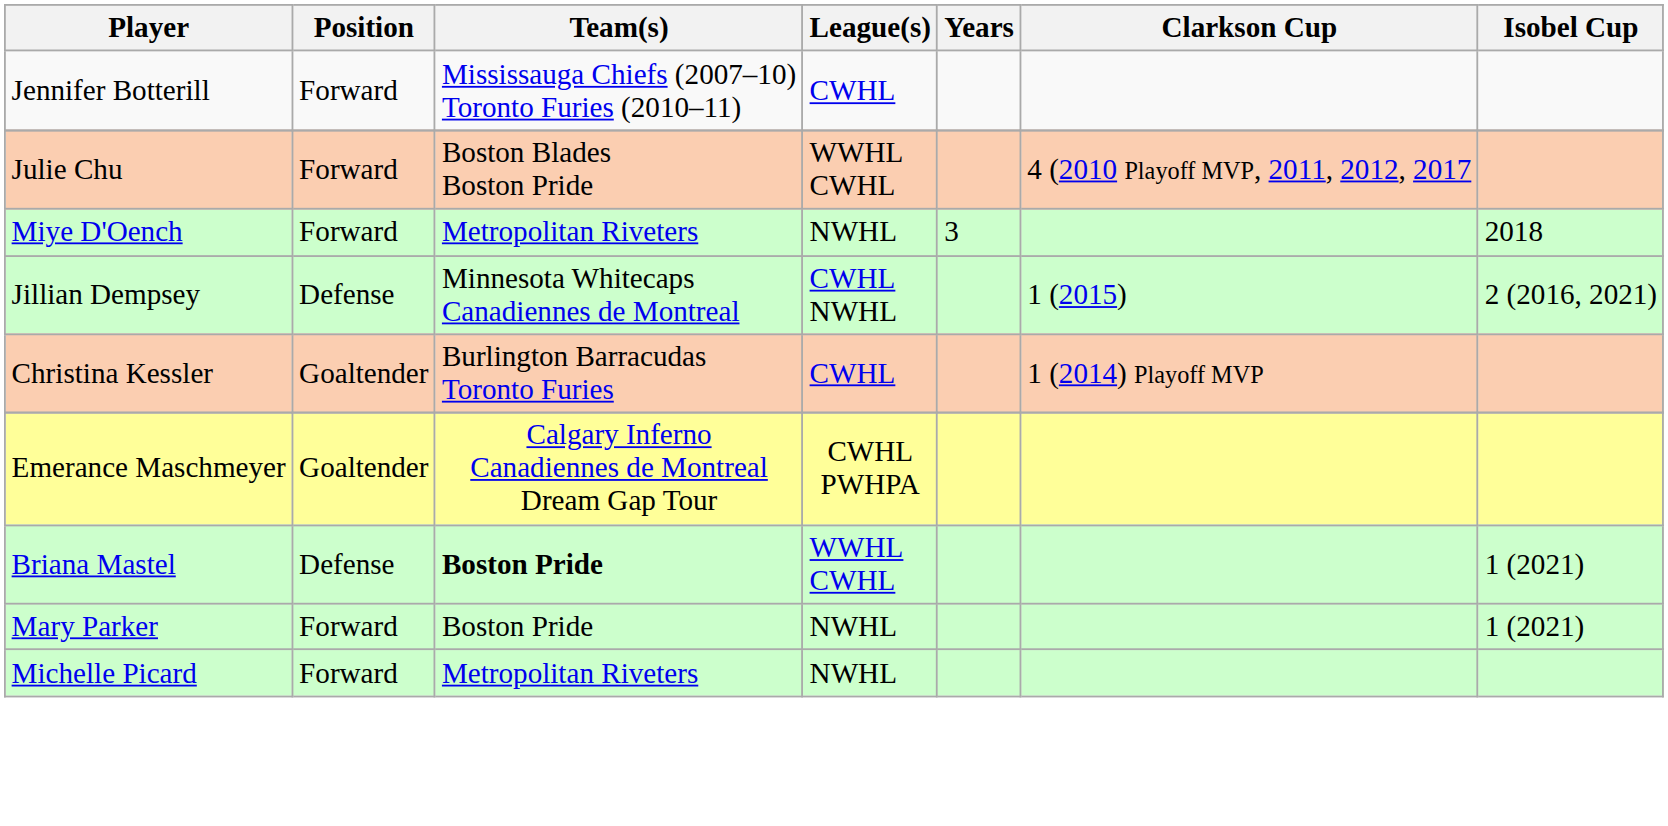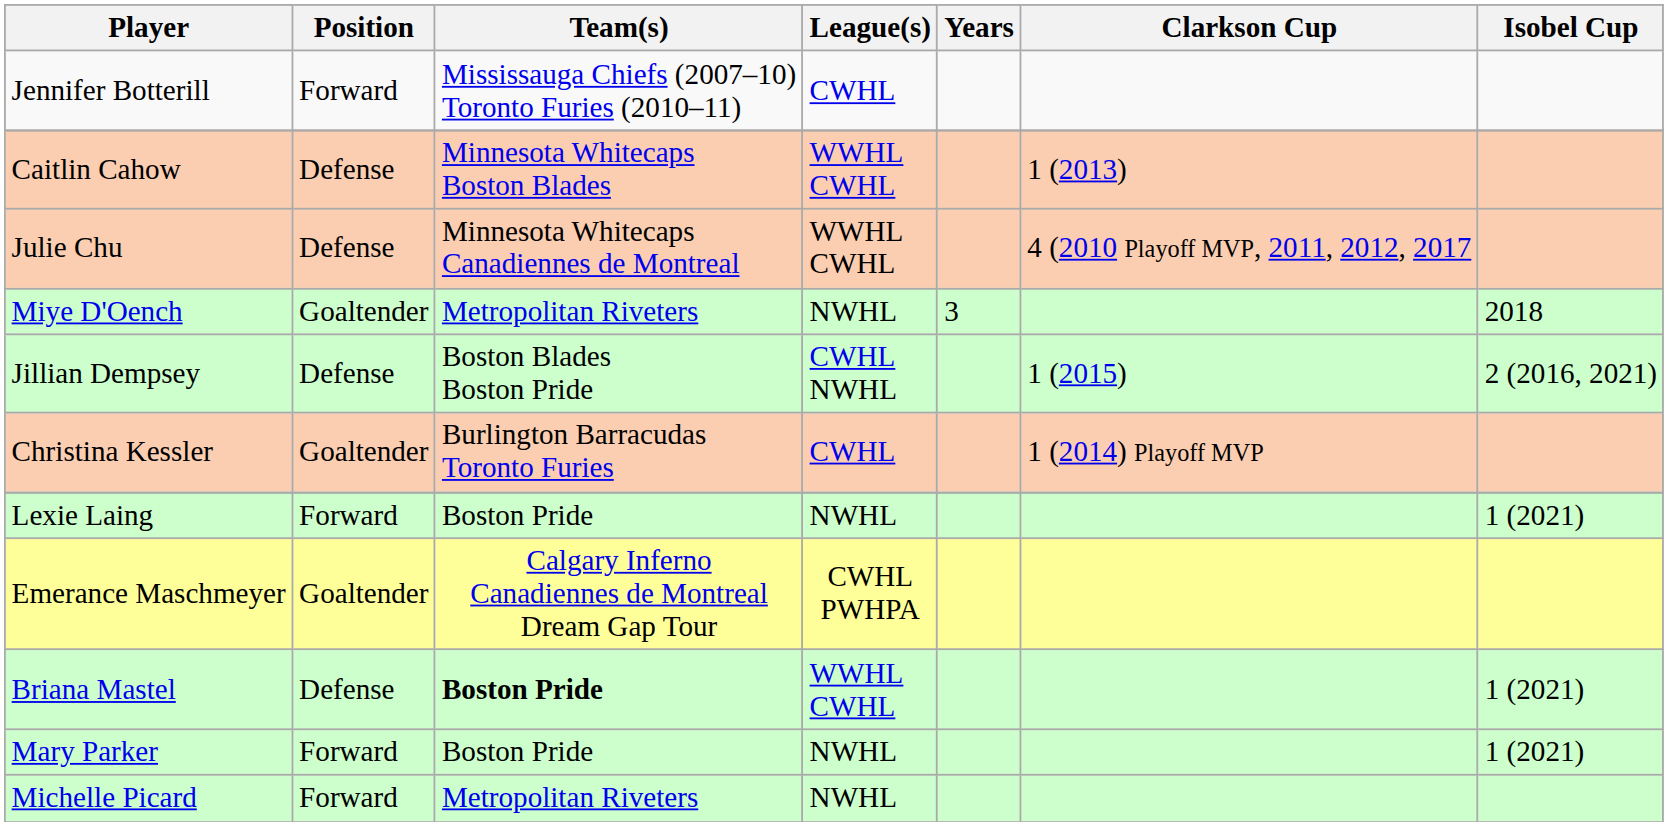 <table class="wikitable sortable">
 <tr>
 <th>Player</th>
 <th>Position</th>
 <th>Team(s)</th>
 <th>League(s)</th>
 <th>Years</th>
 <th>Clarkson Cup</th>
 <th>Isobel Cup</th>
 </tr>
 <tr bgcolor=>
 <td>Jennifer Botterill</td>
 <td>Forward</td>
 <td><a href='#'>Mississauga Chiefs</a> (2007–10)<br><a href='#'>Toronto Furies</a> (2010–11)</td>
 <td><a href='#'>CWHL</a></td>
 <td></td>
 <td></td>
 <td></td>
 </tr>
 <tr style="text-align:center;" bgcolor="">
 </tr>
 <tr bgcolor= FBCEB1>
+<td>Caitlin Cahow</td>
+<td>Defense</td>
+<td><a href='#'>Minnesota Whitecaps</a><br><a href='#'>Boston Blades</a></td>
+<td><a href='#'>WWHL</a><br><a href='#'>CWHL</a></td>
+<td></td>
+<td>1 (<a href='#'>2013</a>)</td>
+<td></td>
+</tr>
+<tr bgcolor= FBCEB1>
 <td>Julie Chu</td>
-<td>Forward</td>
-<td>Boston Blades<br>Boston Pride</td>
+<td>Defense</td>
+<td>Minnesota Whitecaps<br><a href='#'>Canadiennes de Montreal</a></td>
 <td>WWHL<br>CWHL</td>
 <td></td>
 <td>4 (<a href='#'>2010</a> <small>Playoff MVP</small>, <a href='#'>2011</a>, <a href='#'>2012</a>, <a href='#'>2017</a></td>
 <td></td>
 </tr>
 <tr bgcolor=CCFFCC>
 <td><a href='#'>Miye D'Oench</a></td>
-<td>Forward</td>
+<td>Goaltender</td>
 <td><a href='#'>Metropolitan Riveters</a></td>
 <td>NWHL</td>
 <td>3</td>
 <td></td>
 <td>2018</td>
 </tr>
 <tr bgcolor= CCFFCC>
 <td>Jillian Dempsey</td>
 <td>Defense</td>
-<td>Minnesota Whitecaps<br><a href='#'>Canadiennes de Montreal</a></td>
+<td>Boston Blades<br>Boston Pride</td>
 <td><a href='#'>CWHL</a><br>NWHL</td>
 <td></td>
 <td>1 (<a href='#'>2015</a>)</td>
 <td>2 (2016, 2021)</td>
 </tr>
 <tr bgcolor= FBCEB1>
 <td>Christina Kessler</td>
 <td>Goaltender</td>
 <td>Burlington Barracudas<br><a href='#'>Toronto Furies</a></td>
 <td><a href='#'>CWHL</a></td>
 <td></td>
 <td>1 (<a href='#'>2014</a>) <small>Playoff MVP</small></td>
 <td></td>
 </tr>
 <tr style="text-align:center;" bgcolor="">
+</tr>
+<tr bgcolor= CCFFCC>
+<td>Lexie Laing</td>
+<td>Forward</td>
+<td>Boston Pride</td>
+<td>NWHL</td>
+<td></td>
+<td></td>
+<td>1 (2021)</td>
 </tr>
 <tr align="center" bgcolor="FFFF99">
 <td>Emerance Maschmeyer</td>
 <td>Goaltender</td>
 <td><a href='#'>Calgary Inferno</a><br><a href='#'>Canadiennes de Montreal</a><br>Dream Gap Tour</td>
 <td>CWHL<br>PWHPA</td>
 <td></td>
 <td></td>
 <td></td>
 </tr>
 <tr bgcolor= CCFFCC>
 <td><a href='#'>Briana Mastel</a></td>
 <td>Defense</td>
 <td><strong>Boston Pride</strong></td>
 <td><a href='#'>WWHL</a><br><a href='#'>CWHL</a></td>
 <td></td>
 <td></td>
 <td>1 (2021)</td>
 </tr>
 <tr bgcolor= CCFFCC>
 <td><a href='#'>Mary Parker</a></td>
 <td>Forward</td>
 <td>Boston Pride</td>
 <td>NWHL</td>
 <td></td>
 <td></td>
 <td>1 (2021)</td>
 </tr>
 <tr bgcolor=CCFFCC>
 <td><a href='#'>Michelle Picard</a></td>
 <td>Forward</td>
 <td><a href='#'>Metropolitan Riveters</a></td>
 <td>NWHL</td>
 <td></td>
 <td></td>
 <td></td>
 </tr>
 </table>
